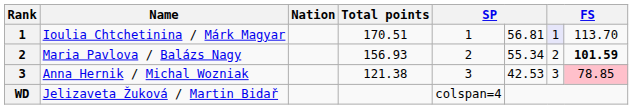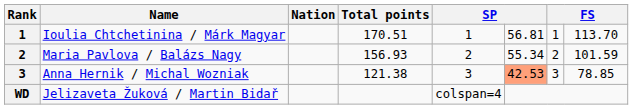 <table class="wikitable sortable">
 <tr>
 <th>Rank</th>
 <th>Name</th>
 <th>Nation</th>
 <th>Total points</th>
 <th colspan="2" width="80px"><a href='#'>SP</a></th>
 <th colspan="2" width="80px"><a href='#'>FS</a></th>
 </tr>
 <tr>
 <th>1</th>
 <td><a href='#'>Ioulia Chtchetinina</a> / <a href='#'>Márk Magyar</a></td>
 <td></td>
 <td align="center">170.51</td>
 <td align="center">1</td>
 <td align="center">56.81</td>
-<td align="center" style="background: lavender;">1</td>
+<td align="center">1</td>
 <td align="center">113.70</td>
 </tr>
 <tr>
 <th>2</th>
 <td><a href='#'> Maria Pavlova</a> / <a href='#'> Balázs Nagy</a></td>
 <td></td>
 <td align="center">156.93</td>
 <td align="center">2</td>
 <td align="center">55.34</td>
 <td align="center">2</td>
-<td align="center"><strong>101.59</strong></td>
+<td align="center">101.59</td>
 </tr>
 <tr>
 <th>3</th>
 <td><a href='#'>Anna Hernik</a> / <a href='#'>Michal Wozniak</a></td>
 <td></td>
 <td align="center">121.38</td>
 <td align="center">3</td>
-<td align="center">42.53</td>
+<td align="center" style="background: lightsalmon;">42.53</td>
 <td align="center">3</td>
-<td align="center" style="background: pink;">78.85</td>
+<td align="center">78.85</td>
 </tr>
 <tr>
 <th>WD</th>
 <td><a href='#'>Jelizaveta Žuková</a> / <a href='#'>Martin Bidař</a></td>
 <td></td>
 <td></td>
 <td>colspan=4 </td>
 </tr>
 </table>
